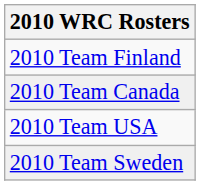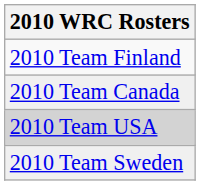 <table class=wikitable style="text-align:left;">
 <tr>
 <th>2010 WRC Rosters</th>
 </tr>
 <tr>
 <td> <a href='#'>2010 Team Finland</a></td>
 </tr>
 <tr bgcolor="#f0f0f0">
 <td> <a href='#'>2010 Team Canada</a></td>
 </tr>
 <tr>
-<td> <a href='#'>2010 Team USA</a></td>
+<td style="background: lightgrey;"> <a href='#'>2010 Team USA</a></td>
 </tr>
 <tr bgcolor="#f0f0f0">
 <td> <a href='#'>2010 Team Sweden</a></td>
 </tr>
 </table>
